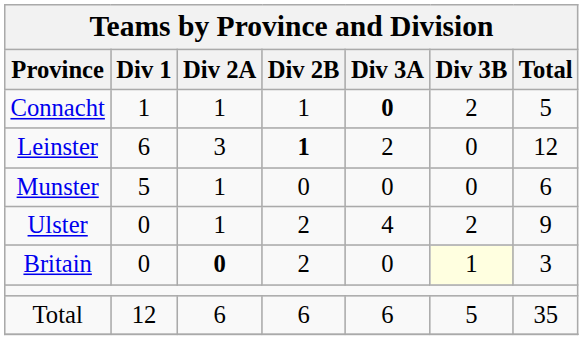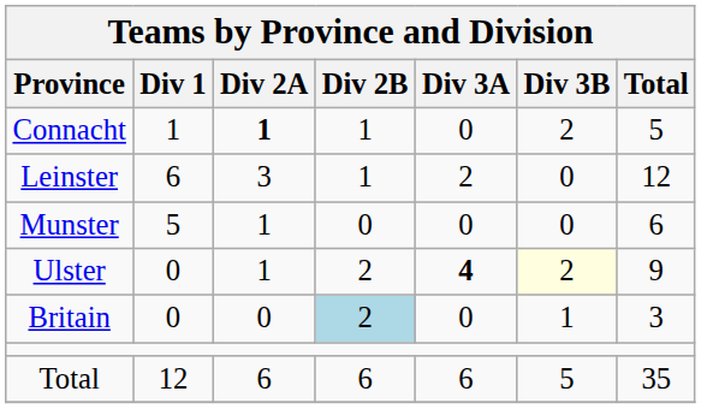 <table class="wikitable" style="text-align:center">
 <tr>
 <th colspan=7><big>Teams by Province and Division</big></th>
 </tr>
 <tr>
 <th>Province</th>
 <th>Div 1</th>
 <th>Div 2A</th>
 <th>Div 2B</th>
 <th>Div 3A</th>
 <th>Div 3B</th>
 <th>Total</th>
 </tr>
 <tr>
 <td><a href='#'>Connacht</a></td>
 <td>1</td>
+<td><strong>1</strong></td>
 <td>1</td>
-<td>1</td>
-<td><strong>0</strong></td>
+<td>0</td>
 <td>2</td>
 <td>5</td>
 </tr>
 <tr>
 <td><a href='#'>Leinster</a></td>
 <td>6</td>
 <td>3</td>
-<td><strong>1</strong></td>
+<td>1</td>
 <td>2</td>
 <td>0</td>
 <td>12</td>
 </tr>
 <tr>
 <td><a href='#'>Munster</a></td>
 <td>5</td>
 <td>1</td>
 <td>0</td>
 <td>0</td>
 <td>0</td>
 <td>6</td>
 </tr>
 <tr>
 <td><a href='#'>Ulster</a></td>
 <td>0</td>
 <td>1</td>
 <td>2</td>
-<td>4</td>
-<td>2</td>
+<td><strong>4</strong></td>
+<td style="background: lightyellow;">2</td>
 <td>9</td>
 </tr>
 <tr>
 <td><a href='#'>Britain</a></td>
 <td>0</td>
-<td><strong>0</strong></td>
-<td>2</td>
 <td>0</td>
-<td style="background: lightyellow;">1</td>
+<td style="background: lightblue;">2</td>
+<td>0</td>
+<td>1</td>
 <td>3</td>
 </tr>
 <tr>
 <td colspan=7></td>
 </tr>
 <tr>
 <td>Total</td>
 <td>12</td>
 <td>6</td>
 <td>6</td>
 <td>6</td>
 <td>5</td>
 <td>35</td>
 </tr>
 <tr>
 </tr>
 </table>
